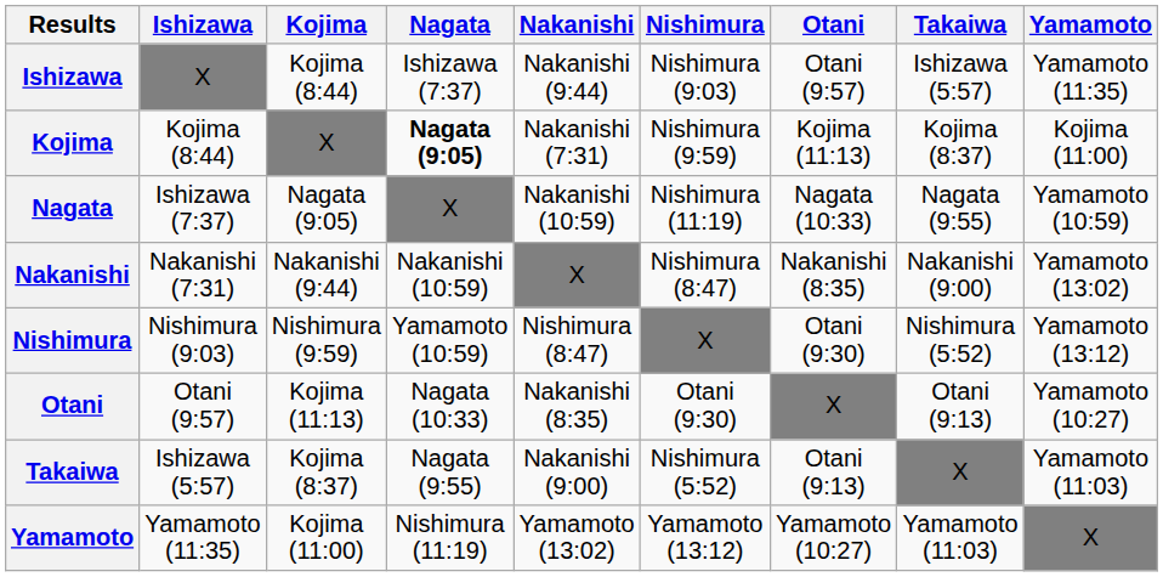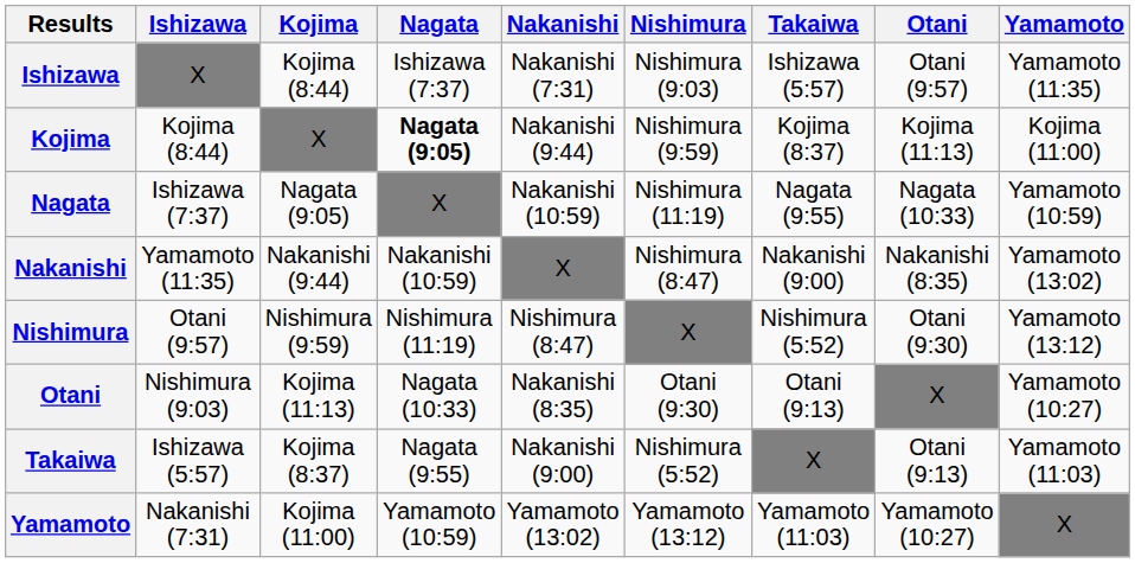 <table class="wikitable" style="margin: 1em auto 1em auto">
 <tr align="center">
 <th>Results</th>
 <th><a href='#'>Ishizawa</a></th>
 <th><a href='#'>Kojima</a></th>
 <th><a href='#'>Nagata</a></th>
 <th><a href='#'>Nakanishi</a></th>
 <th><a href='#'>Nishimura</a></th>
+<th><a href='#'>Takaiwa</a></th>
 <th><a href='#'>Otani</a></th>
-<th><a href='#'>Takaiwa</a></th>
 <th><a href='#'>Yamamoto</a></th>
 </tr>
 <tr align="center">
 <th><a href='#'>Ishizawa</a></th>
 <td bgcolor="grey">X</td>
 <td>Kojima<br>(8:44)</td>
 <td>Ishizawa<br>(7:37)</td>
-<td>Nakanishi<br>(9:44)</td>
+<td>Nakanishi<br>(7:31)</td>
 <td>Nishimura<br>(9:03)</td>
+<td>Ishizawa<br>(5:57)</td>
 <td>Otani<br>(9:57)</td>
-<td>Ishizawa<br>(5:57)</td>
 <td>Yamamoto<br>(11:35)</td>
 </tr>
 <tr align="center">
 <th><a href='#'>Kojima</a></th>
 <td>Kojima<br>(8:44)</td>
 <td bgcolor="grey">X</td>
 <td><strong>Nagata<br>(9:05)</strong></td>
-<td>Nakanishi<br>(7:31)</td>
+<td>Nakanishi<br>(9:44)</td>
 <td>Nishimura<br>(9:59)</td>
+<td>Kojima<br>(8:37)</td>
 <td>Kojima<br>(11:13)</td>
-<td>Kojima<br>(8:37)</td>
 <td>Kojima<br>(11:00)</td>
 </tr>
 <tr align="center">
 <th><a href='#'>Nagata</a></th>
 <td>Ishizawa<br>(7:37)</td>
 <td>Nagata<br>(9:05)</td>
 <td bgcolor="grey">X</td>
 <td>Nakanishi<br>(10:59)</td>
 <td>Nishimura<br>(11:19)</td>
+<td>Nagata<br>(9:55)</td>
 <td>Nagata<br>(10:33)</td>
-<td>Nagata<br>(9:55)</td>
 <td>Yamamoto<br>(10:59)</td>
 </tr>
 <tr align="center">
 <th><a href='#'>Nakanishi</a></th>
-<td>Nakanishi<br>(7:31)</td>
+<td>Yamamoto<br>(11:35)</td>
 <td>Nakanishi<br>(9:44)</td>
 <td>Nakanishi<br>(10:59)</td>
 <td bgcolor="grey">X</td>
 <td>Nishimura<br>(8:47)</td>
+<td>Nakanishi<br>(9:00)</td>
 <td>Nakanishi<br>(8:35)</td>
-<td>Nakanishi<br>(9:00)</td>
 <td>Yamamoto<br>(13:02)</td>
 </tr>
 <tr align="center">
 <th><a href='#'>Nishimura</a></th>
-<td>Nishimura<br>(9:03)</td>
+<td>Otani<br>(9:57)</td>
 <td>Nishimura<br>(9:59)</td>
-<td>Yamamoto<br>(10:59)</td>
+<td>Nishimura<br>(11:19)</td>
 <td>Nishimura<br>(8:47)</td>
 <td bgcolor="grey">X</td>
+<td>Nishimura<br>(5:52)</td>
 <td>Otani<br>(9:30)</td>
-<td>Nishimura<br>(5:52)</td>
 <td>Yamamoto<br>(13:12)</td>
 </tr>
 <tr align="center">
 <th><a href='#'>Otani</a></th>
-<td>Otani<br>(9:57)</td>
+<td>Nishimura<br>(9:03)</td>
 <td>Kojima<br>(11:13)</td>
 <td>Nagata<br>(10:33)</td>
 <td>Nakanishi<br>(8:35)</td>
 <td>Otani<br>(9:30)</td>
+<td>Otani<br>(9:13)</td>
 <td bgcolor="grey">X</td>
-<td>Otani<br>(9:13)</td>
 <td>Yamamoto<br>(10:27)</td>
 </tr>
 <tr align="center">
 <th><a href='#'>Takaiwa</a></th>
 <td>Ishizawa<br>(5:57)</td>
 <td>Kojima<br>(8:37)</td>
 <td>Nagata<br>(9:55)</td>
 <td>Nakanishi<br>(9:00)</td>
 <td>Nishimura<br>(5:52)</td>
+<td bgcolor="grey">X</td>
 <td>Otani<br>(9:13)</td>
-<td bgcolor="grey">X</td>
 <td>Yamamoto<br>(11:03)</td>
 </tr>
 <tr align="center">
 <th><a href='#'>Yamamoto</a></th>
-<td>Yamamoto<br>(11:35)</td>
+<td>Nakanishi<br>(7:31)</td>
 <td>Kojima<br>(11:00)</td>
-<td>Nishimura<br>(11:19)</td>
+<td>Yamamoto<br>(10:59)</td>
 <td>Yamamoto<br>(13:02)</td>
 <td>Yamamoto<br>(13:12)</td>
+<td>Yamamoto<br>(11:03)</td>
 <td>Yamamoto<br>(10:27)</td>
-<td>Yamamoto<br>(11:03)</td>
 <td bgcolor="grey">X</td>
 </tr>
 </table>
